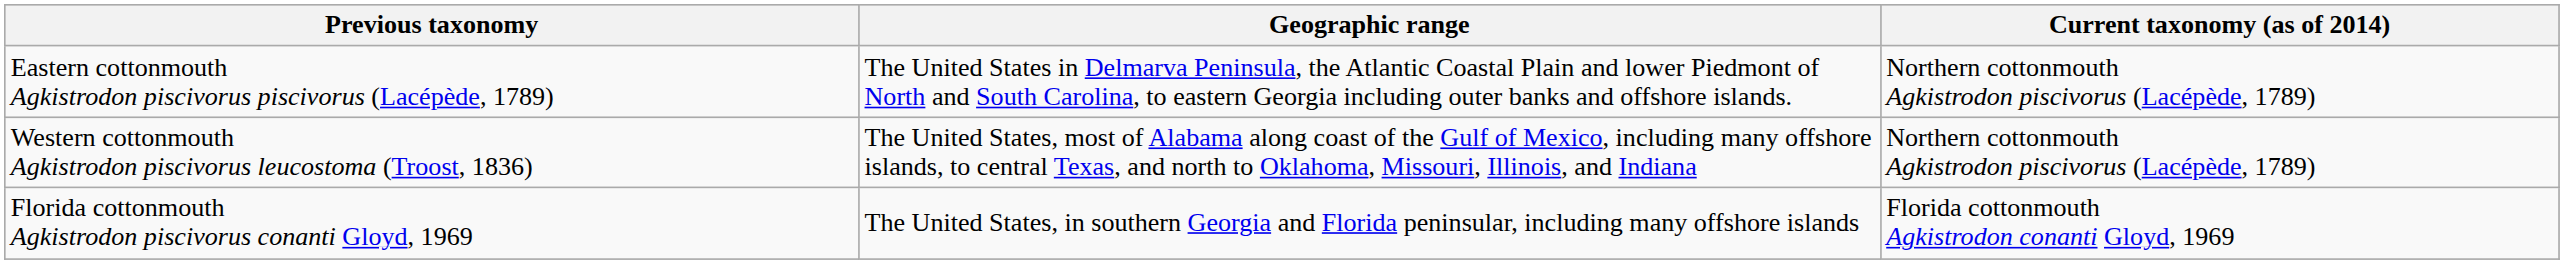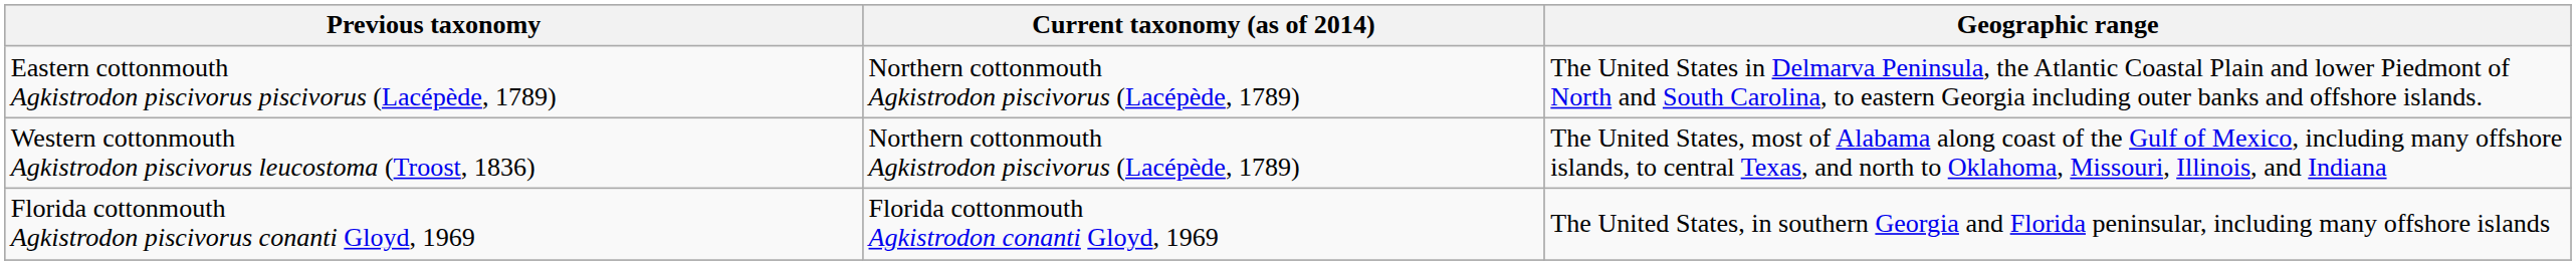 <table class="wikitable">
 <tr>
 <th>Previous taxonomy</th>
+<th>Current taxonomy (as of 2014)</th>
 <th>Geographic range</th>
-<th>Current taxonomy (as of 2014)</th>
 </tr>
 <tr>
 <td>Eastern cottonmouth<br><em>Agkistrodon piscivorus piscivorus</em> (<a href='#'>Lacépède</a>, 1789)</td>
+<td>Northern cottonmouth<br><em>Agkistrodon piscivorus</em> (<a href='#'>Lacépède</a>, 1789)</td>
 <td>The United States in <a href='#'>Delmarva Peninsula</a>, the Atlantic Coastal Plain and lower Piedmont of <a href='#'>North</a> and <a href='#'>South Carolina</a>, to eastern Georgia including outer banks and offshore islands.</td>
-<td>Northern cottonmouth<br><em>Agkistrodon piscivorus</em> (<a href='#'>Lacépède</a>, 1789)</td>
 </tr>
 <tr>
 <td>Western cottonmouth<br><em>Agkistrodon piscivorus leucostoma</em> (<a href='#'>Troost</a>, 1836)</td>
+<td>Northern cottonmouth<br><em>Agkistrodon piscivorus</em> (<a href='#'>Lacépède</a>, 1789)</td>
 <td>The United States, most of <a href='#'>Alabama</a> along coast of the <a href='#'>Gulf of Mexico</a>, including many offshore islands, to central <a href='#'>Texas</a>, and north to <a href='#'>Oklahoma</a>, <a href='#'>Missouri</a>, <a href='#'>Illinois</a>, and <a href='#'>Indiana</a></td>
-<td>Northern cottonmouth<br><em>Agkistrodon piscivorus</em> (<a href='#'>Lacépède</a>, 1789)</td>
 </tr>
 <tr>
 <td>Florida cottonmouth<br><em>Agkistrodon piscivorus conanti</em> <a href='#'>Gloyd</a>, 1969</td>
+<td>Florida cottonmouth<br><em><a href='#'>Agkistrodon conanti</a></em> <a href='#'>Gloyd</a>, 1969</td>
 <td style="width:40%">The United States, in southern <a href='#'>Georgia</a> and <a href='#'>Florida</a> peninsular, including many offshore islands</td>
-<td>Florida cottonmouth<br><em><a href='#'>Agkistrodon conanti</a></em> <a href='#'>Gloyd</a>, 1969</td>
 </tr>
 </table>
